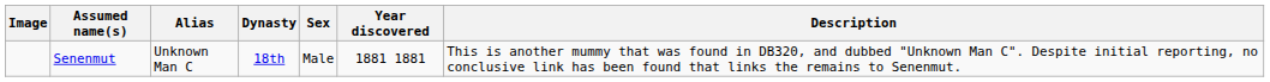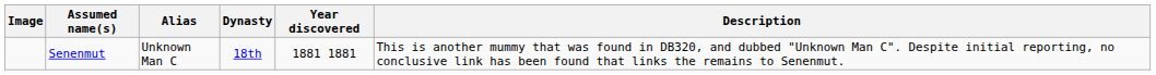 <table class="wikitable sortable" style="width: 100%;">
 <tr>
 <th scope="col" class="unsortable">Image</th>
 <th scope="col">Assumed name(s)</th>
 <th scope="col">Alias</th>
 <th scope="col">Dynasty</th>
-<th scope="col">Sex</th>
 <th scope="col">Year discovered</th>
 <th scope="col" class="unsortable">Description </th>
 </tr>
 <tr>
 <td></td>
 <td><a href='#'>Senenmut</a></td>
 <td>Unknown Man C</td>
 <td style="text-align: center;"><a href='#'>18th</a></td>
-<td>Male</td>
 <td style="text-align: center;"><span>1881</span> 1881</td>
 <td>This is another mummy that was found in DB320, and dubbed "Unknown Man C". Despite initial reporting, no conclusive link has been found that links the remains to Senenmut.</td>
 </tr>
 </table>
